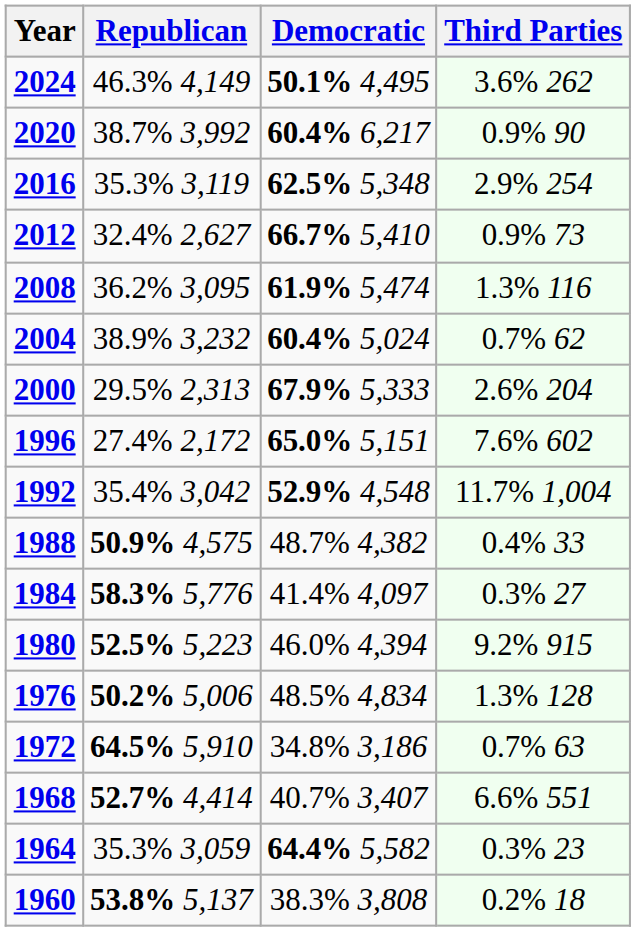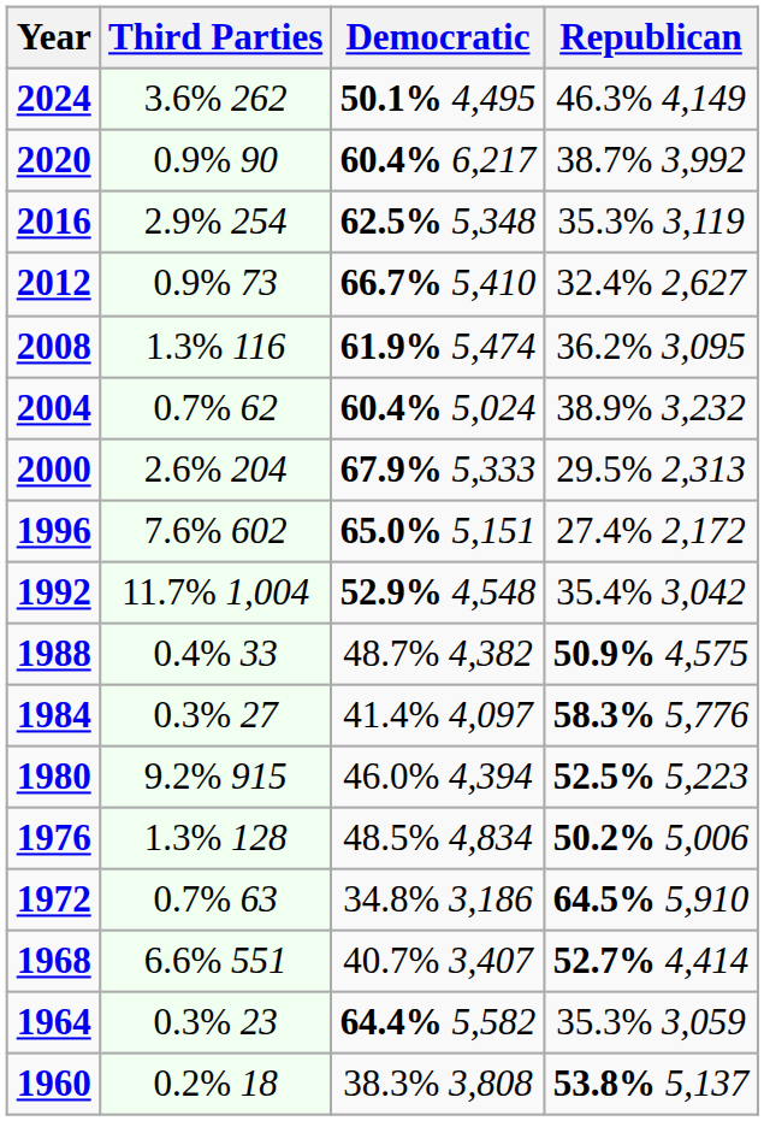 <table class="wikitable" style="float:right; font-size:95%;">
 <tr bgcolor=lightgrey>
 <th>Year</th>
+<th><a href='#'>Third Parties</a></th>
+<th><a href='#'>Democratic</a></th>
 <th><a href='#'>Republican</a></th>
-<th><a href='#'>Democratic</a></th>
-<th><a href='#'>Third Parties</a></th>
 </tr>
 <tr>
 <td style="text-align:center; "><strong><a href='#'>2024</a></strong></td>
+<td style="text-align:center; background:honeyDew;">3.6% <em>262</em></td>
+<td style="text-align:center; "><strong>50.1%</strong> <em>4,495</em></td>
 <td style="text-align:center; ">46.3% <em>4,149</em></td>
-<td style="text-align:center; "><strong>50.1%</strong> <em>4,495</em></td>
-<td style="text-align:center; background:honeyDew;">3.6% <em>262</em></td>
 </tr>
 <tr>
 <td style="text-align:center; "><strong><a href='#'>2020</a></strong></td>
+<td style="text-align:center; background:honeyDew;">0.9% <em>90</em></td>
+<td style="text-align:center; "><strong>60.4%</strong>  <em>6,217</em></td>
 <td style="text-align:center; ">38.7% <em>3,992</em></td>
-<td style="text-align:center; "><strong>60.4%</strong>  <em>6,217</em></td>
-<td style="text-align:center; background:honeyDew;">0.9% <em>90</em></td>
 </tr>
 <tr>
 <td style="text-align:center; "><strong><a href='#'>2016</a></strong></td>
+<td style="text-align:center; background:honeyDew;">2.9% <em>254</em></td>
+<td style="text-align:center; "><strong>62.5%</strong>  <em>5,348</em></td>
 <td style="text-align:center; ">35.3% <em>3,119</em></td>
-<td style="text-align:center; "><strong>62.5%</strong>  <em>5,348</em></td>
-<td style="text-align:center; background:honeyDew;">2.9% <em>254</em></td>
 </tr>
 <tr>
 <td style="text-align:center; "><strong><a href='#'>2012</a></strong></td>
+<td style="text-align:center; background:honeyDew;">0.9% <em>73</em></td>
+<td style="text-align:center; "><strong>66.7%</strong>  <em>5,410</em></td>
 <td style="text-align:center; ">32.4% <em>2,627</em></td>
-<td style="text-align:center; "><strong>66.7%</strong>  <em>5,410</em></td>
-<td style="text-align:center; background:honeyDew;">0.9% <em>73</em></td>
 </tr>
 <tr>
 <td style="text-align:center; "><strong><a href='#'>2008</a></strong></td>
+<td style="text-align:center; background:honeyDew;">1.3% <em>116</em></td>
+<td style="text-align:center; "><strong>61.9%</strong>  <em>5,474</em></td>
 <td style="text-align:center; ">36.2% <em>3,095</em></td>
-<td style="text-align:center; "><strong>61.9%</strong>  <em>5,474</em></td>
-<td style="text-align:center; background:honeyDew;">1.3% <em>116</em></td>
 </tr>
 <tr>
 <td style="text-align:center; "><strong><a href='#'>2004</a></strong></td>
+<td style="text-align:center; background:honeyDew;">0.7% <em>62</em></td>
+<td style="text-align:center; "><strong>60.4%</strong>  <em>5,024</em></td>
 <td style="text-align:center; ">38.9% <em>3,232</em></td>
-<td style="text-align:center; "><strong>60.4%</strong>  <em>5,024</em></td>
-<td style="text-align:center; background:honeyDew;">0.7% <em>62</em></td>
 </tr>
 <tr>
 <td style="text-align:center; "><strong><a href='#'>2000</a></strong></td>
+<td style="text-align:center; background:honeyDew;">2.6% <em>204</em></td>
+<td style="text-align:center; "><strong>67.9%</strong>  <em>5,333</em></td>
 <td style="text-align:center; ">29.5% <em>2,313</em></td>
-<td style="text-align:center; "><strong>67.9%</strong>  <em>5,333</em></td>
-<td style="text-align:center; background:honeyDew;">2.6% <em>204</em></td>
 </tr>
 <tr>
 <td style="text-align:center; "><strong><a href='#'>1996</a></strong></td>
+<td style="text-align:center; background:honeyDew;">7.6% <em>602</em></td>
+<td style="text-align:center; "><strong>65.0%</strong>  <em>5,151</em></td>
 <td style="text-align:center; ">27.4% <em>2,172</em></td>
-<td style="text-align:center; "><strong>65.0%</strong>  <em>5,151</em></td>
-<td style="text-align:center; background:honeyDew;">7.6% <em>602</em></td>
 </tr>
 <tr>
 <td style="text-align:center; "><strong><a href='#'>1992</a></strong></td>
+<td style="text-align:center; background:honeyDew;">11.7% <em>1,004</em></td>
+<td style="text-align:center; "><strong>52.9%</strong>  <em>4,548</em></td>
 <td style="text-align:center; ">35.4% <em>3,042</em></td>
-<td style="text-align:center; "><strong>52.9%</strong>  <em>4,548</em></td>
-<td style="text-align:center; background:honeyDew;">11.7% <em>1,004</em></td>
 </tr>
 <tr>
 <td style="text-align:center; "><strong><a href='#'>1988</a></strong></td>
+<td style="text-align:center; background:honeyDew;">0.4% <em>33</em></td>
+<td style="text-align:center; ">48.7%  <em>4,382</em></td>
 <td style="text-align:center; "><strong>50.9%</strong> <em>4,575</em></td>
-<td style="text-align:center; ">48.7%  <em>4,382</em></td>
-<td style="text-align:center; background:honeyDew;">0.4% <em>33</em></td>
 </tr>
 <tr>
 <td style="text-align:center; "><strong><a href='#'>1984</a></strong></td>
+<td style="text-align:center; background:honeyDew;">0.3% <em>27</em></td>
+<td style="text-align:center; ">41.4%  <em>4,097</em></td>
 <td style="text-align:center; "><strong>58.3%</strong> <em>5,776</em></td>
-<td style="text-align:center; ">41.4%  <em>4,097</em></td>
-<td style="text-align:center; background:honeyDew;">0.3% <em>27</em></td>
 </tr>
 <tr>
 <td style="text-align:center; "><strong><a href='#'>1980</a></strong></td>
+<td style="text-align:center; background:honeyDew;">9.2% <em>915</em></td>
+<td style="text-align:center; ">46.0%  <em>4,394</em></td>
 <td style="text-align:center; "><strong>52.5%</strong> <em>5,223</em></td>
-<td style="text-align:center; ">46.0%  <em>4,394</em></td>
-<td style="text-align:center; background:honeyDew;">9.2% <em>915</em></td>
 </tr>
 <tr>
 <td style="text-align:center; "><strong><a href='#'>1976</a></strong></td>
+<td style="text-align:center; background:honeyDew;">1.3% <em>128</em></td>
+<td style="text-align:center; ">48.5%  <em>4,834</em></td>
 <td style="text-align:center; "><strong>50.2%</strong> <em>5,006</em></td>
-<td style="text-align:center; ">48.5%  <em>4,834</em></td>
-<td style="text-align:center; background:honeyDew;">1.3% <em>128</em></td>
 </tr>
 <tr>
 <td style="text-align:center; "><strong><a href='#'>1972</a></strong></td>
+<td style="text-align:center; background:honeyDew;">0.7% <em>63</em></td>
+<td style="text-align:center; ">34.8%  <em>3,186</em></td>
 <td style="text-align:center; "><strong>64.5%</strong> <em>5,910</em></td>
-<td style="text-align:center; ">34.8%  <em>3,186</em></td>
-<td style="text-align:center; background:honeyDew;">0.7% <em>63</em></td>
 </tr>
 <tr>
 <td style="text-align:center; "><strong><a href='#'>1968</a></strong></td>
+<td style="text-align:center; background:honeyDew;">6.6% <em>551</em></td>
+<td style="text-align:center; ">40.7%  <em>3,407</em></td>
 <td style="text-align:center; "><strong>52.7%</strong> <em>4,414</em></td>
-<td style="text-align:center; ">40.7%  <em>3,407</em></td>
-<td style="text-align:center; background:honeyDew;">6.6% <em>551</em></td>
 </tr>
 <tr>
 <td style="text-align:center; "><strong><a href='#'>1964</a></strong></td>
+<td style="text-align:center; background:honeyDew;">0.3% <em>23</em></td>
+<td style="text-align:center; "><strong>64.4%</strong>  <em>5,582</em></td>
 <td style="text-align:center; ">35.3% <em>3,059</em></td>
-<td style="text-align:center; "><strong>64.4%</strong>  <em>5,582</em></td>
-<td style="text-align:center; background:honeyDew;">0.3% <em>23</em></td>
 </tr>
 <tr>
 <td style="text-align:center; "><strong><a href='#'>1960</a></strong></td>
+<td style="text-align:center; background:honeyDew;">0.2% <em>18</em></td>
+<td style="text-align:center; ">38.3%  <em>3,808</em></td>
 <td style="text-align:center; "><strong>53.8%</strong> <em>5,137</em></td>
-<td style="text-align:center; ">38.3%  <em>3,808</em></td>
-<td style="text-align:center; background:honeyDew;">0.2% <em>18</em></td>
 </tr>
 </table>
